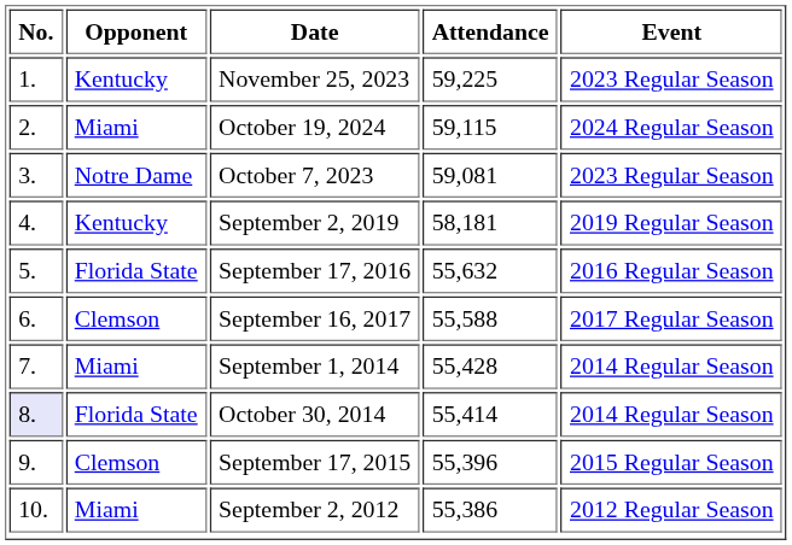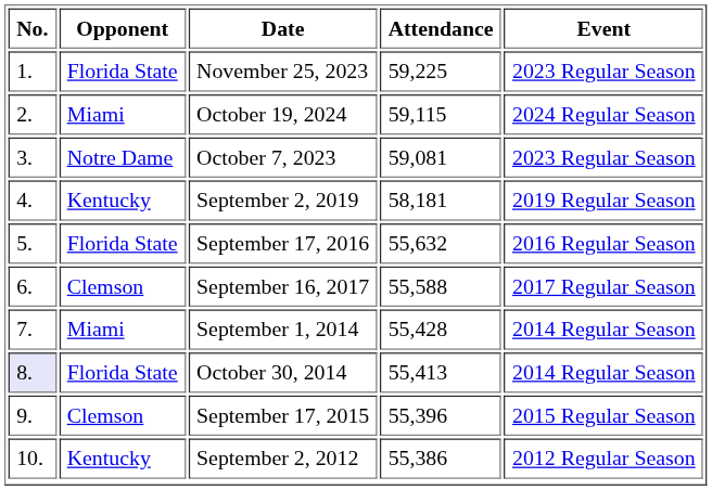 <table border="1" cellpadding="5">
 <tr>
 <th>No.</th>
 <th>Opponent</th>
 <th>Date</th>
 <th>Attendance</th>
 <th>Event</th>
 </tr>
 <tr>
 <td>1.</td>
-<td><a href='#'>Kentucky</a></td>
+<td><a href='#'>Florida State</a></td>
 <td>November 25, 2023</td>
 <td>59,225 </td>
 <td><a href='#'>2023 Regular Season</a></td>
 </tr>
 <tr>
 <td>2.</td>
 <td><a href='#'>Miami</a></td>
 <td>October 19, 2024</td>
 <td>59,115 </td>
 <td><a href='#'>2024 Regular Season</a></td>
 </tr>
 <tr>
 <td>3.</td>
 <td><a href='#'>Notre Dame</a></td>
 <td>October 7, 2023</td>
 <td>59,081 </td>
 <td><a href='#'>2023 Regular Season</a></td>
 </tr>
 <tr>
 <td>4.</td>
 <td><a href='#'>Kentucky</a></td>
 <td>September 2, 2019</td>
 <td>58,181 </td>
 <td><a href='#'>2019 Regular Season</a></td>
 </tr>
 <tr>
 <td>5.</td>
 <td><a href='#'>Florida State</a></td>
 <td>September 17, 2016</td>
 <td>55,632 </td>
 <td><a href='#'>2016 Regular Season</a></td>
 </tr>
 <tr>
 <td>6.</td>
 <td><a href='#'>Clemson</a></td>
 <td>September 16, 2017</td>
 <td>55,588 </td>
 <td><a href='#'>2017 Regular Season</a></td>
 </tr>
 <tr>
 <td>7.</td>
 <td><a href='#'>Miami</a></td>
 <td>September 1, 2014</td>
 <td>55,428 </td>
 <td><a href='#'>2014 Regular Season</a></td>
 </tr>
 <tr>
 <td style="background: lavender;">8.</td>
 <td><a href='#'>Florida State</a></td>
 <td>October 30, 2014</td>
-<td>55,414 </td>
+<td>55,413 </td>
 <td><a href='#'>2014 Regular Season</a></td>
 </tr>
 <tr>
 <td>9.</td>
 <td><a href='#'>Clemson</a></td>
 <td>September 17, 2015</td>
 <td>55,396 </td>
 <td><a href='#'>2015 Regular Season</a></td>
 </tr>
 <tr>
 <td>10.</td>
-<td><a href='#'>Miami</a></td>
+<td><a href='#'>Kentucky</a></td>
 <td>September 2, 2012</td>
 <td>55,386 </td>
 <td><a href='#'>2012 Regular Season</a></td>
 </tr>
 <tr>
 </tr>
 </table>
